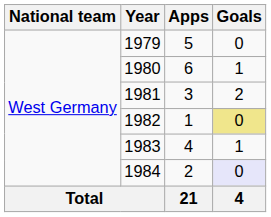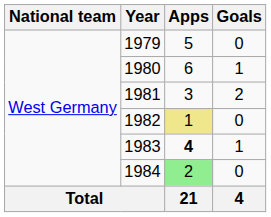 <table class="wikitable" style="text-align:center">
 <tr>
 <th>National team</th>
 <th>Year</th>
 <th>Apps</th>
 <th>Goals</th>
 </tr>
 <tr>
 <td rowspan="6"><a href='#'>West Germany</a></td>
 <td>1979</td>
 <td>5</td>
 <td>0</td>
 </tr>
 <tr>
 <td>1980</td>
 <td>6</td>
 <td>1</td>
 </tr>
 <tr>
 <td>1981</td>
 <td>3</td>
 <td>2</td>
 </tr>
 <tr>
 <td>1982</td>
-<td>1</td>
-<td style="background: khaki;">0</td>
+<td style="background: khaki;">1</td>
+<td>0</td>
 </tr>
 <tr>
 <td>1983</td>
-<td>4</td>
+<td><strong>4</strong></td>
 <td>1</td>
 </tr>
 <tr>
 <td>1984</td>
-<td>2</td>
-<td style="background: lavender;">0</td>
+<td style="background: lightgreen;">2</td>
+<td>0</td>
 </tr>
 <tr>
 <th colspan="2">Total</th>
 <th>21</th>
 <th>4</th>
 </tr>
 </table>
